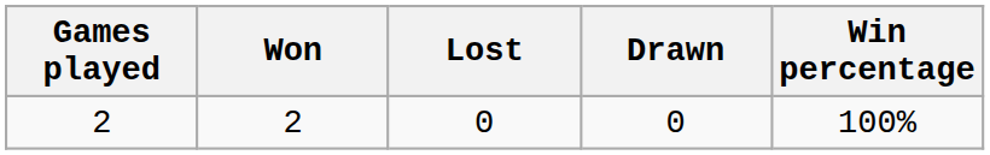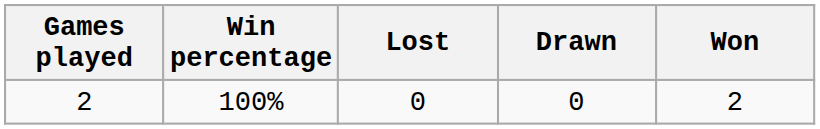 <table class="wikitable" style="text-align:center">
 <tr>
 <th width="70">Games played</th>
-<th width="70">Won</th>
+<th width="70">Win percentage</th>
 <th width="70">Lost</th>
 <th width="70">Drawn</th>
-<th width="70">Win percentage</th>
+<th width="70">Won</th>
 </tr>
 <tr>
 <td>2</td>
-<td>2</td>
+<td>100%</td>
 <td>0</td>
 <td>0</td>
-<td>100%</td>
+<td>2</td>
 </tr>
 </table>
